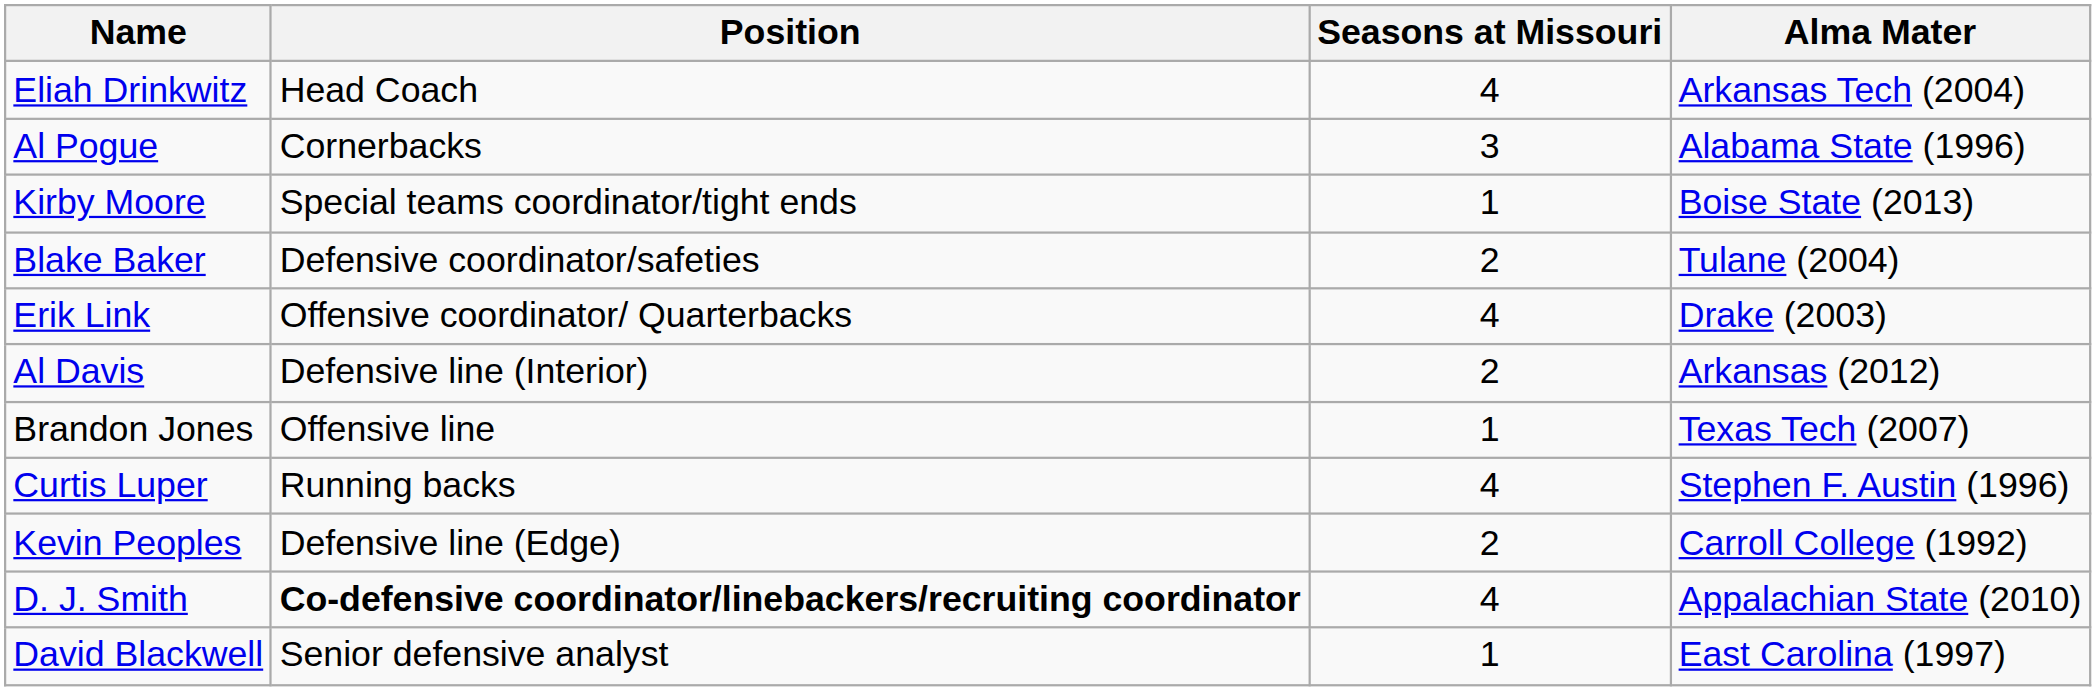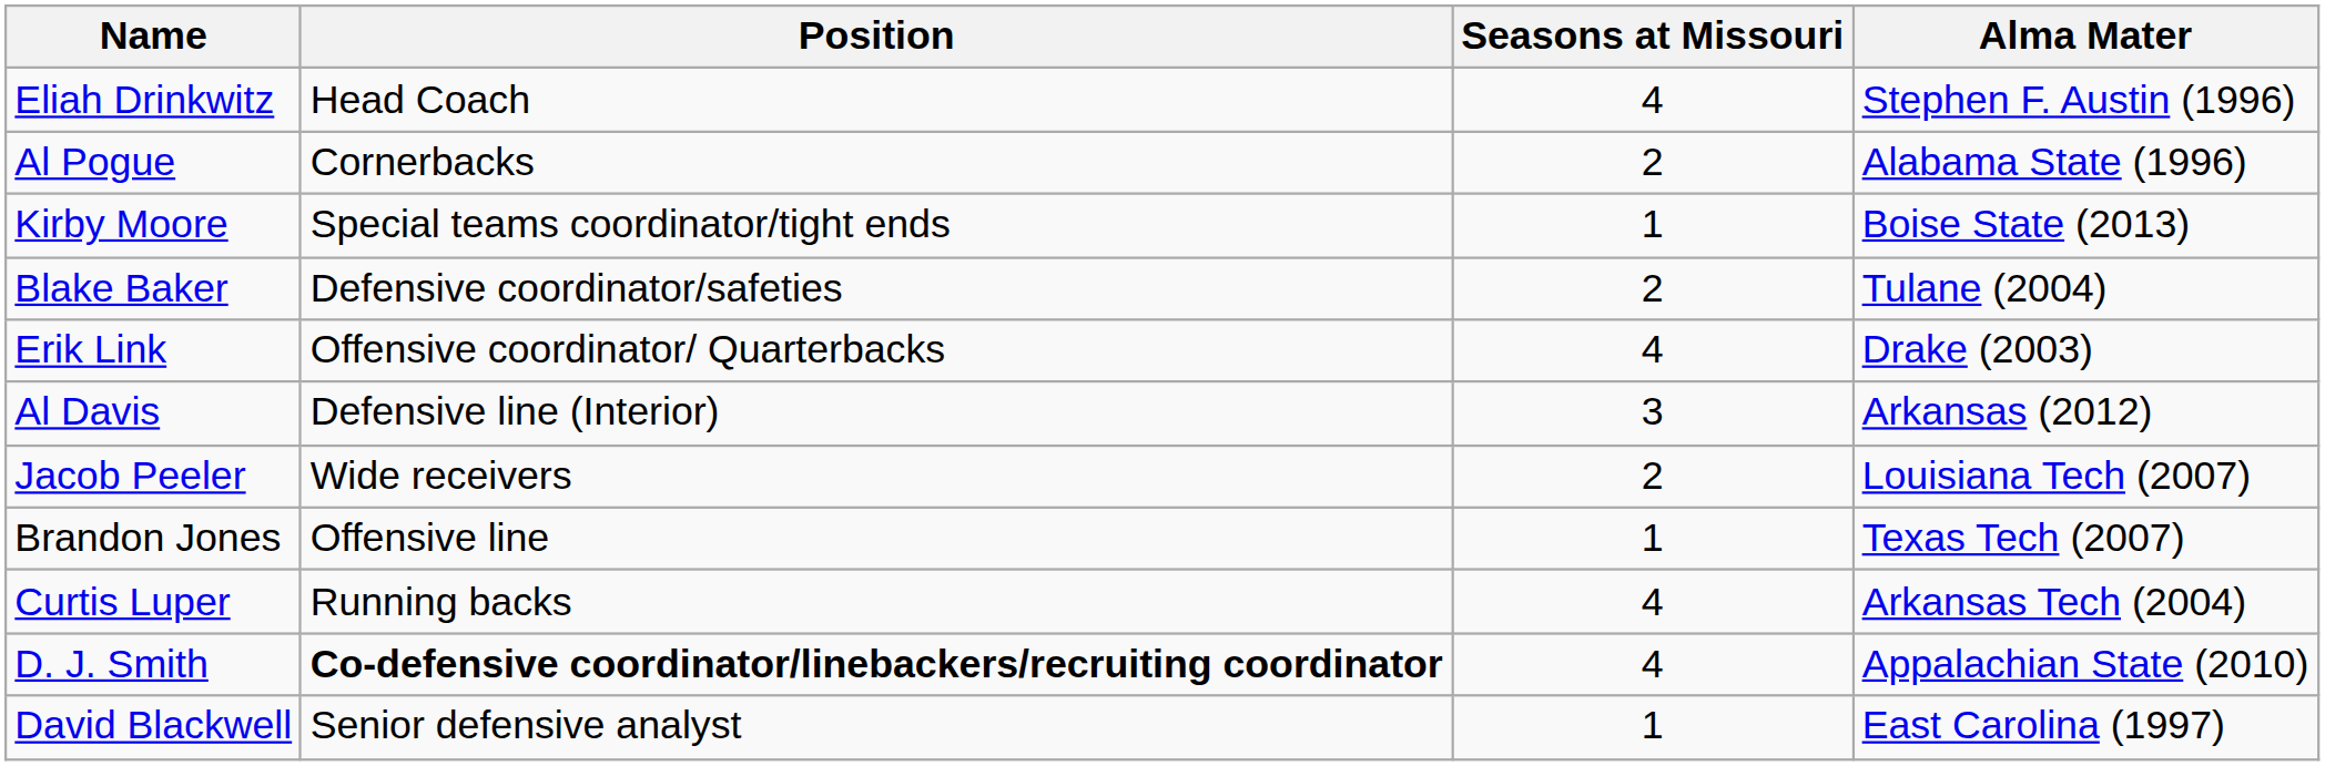 <table class="wikitable">
 <tr>
 <th>Name</th>
 <th>Position</th>
 <th>Seasons at Missouri</th>
 <th>Alma Mater</th>
 </tr>
 <tr>
 <td><a href='#'>Eliah Drinkwitz</a></td>
 <td>Head Coach</td>
 <td align=center>4</td>
-<td><a href='#'>Arkansas Tech</a> (2004)</td>
+<td><a href='#'>Stephen F. Austin</a> (1996)</td>
 </tr>
 <tr>
 <td><a href='#'>Al Pogue</a></td>
 <td>Cornerbacks</td>
-<td align=center>3</td>
+<td align=center>2</td>
 <td><a href='#'>Alabama State</a> (1996)</td>
 </tr>
 <tr>
 <td><a href='#'>Kirby Moore</a></td>
 <td>Special teams coordinator/tight ends</td>
 <td align=center>1</td>
 <td><a href='#'>Boise State</a> (2013)</td>
 </tr>
 <tr>
 <td><a href='#'>Blake Baker</a></td>
 <td>Defensive coordinator/safeties</td>
 <td align=center>2</td>
 <td><a href='#'>Tulane</a> (2004)</td>
 </tr>
 <tr>
 <td><a href='#'>Erik Link</a></td>
 <td>Offensive coordinator/ Quarterbacks</td>
 <td align=center>4</td>
 <td><a href='#'>Drake</a> (2003)</td>
 </tr>
 <tr>
 <td><a href='#'>Al Davis</a></td>
 <td>Defensive line (Interior)</td>
+<td align=center>3</td>
+<td><a href='#'>Arkansas</a> (2012)</td>
+</tr>
+<tr>
+<td><a href='#'>Jacob Peeler</a></td>
+<td>Wide receivers</td>
 <td align=center>2</td>
-<td><a href='#'>Arkansas</a> (2012)</td>
+<td><a href='#'>Louisiana Tech</a> (2007)</td>
 </tr>
 <tr>
 <td>Brandon Jones</td>
 <td>Offensive line</td>
 <td align=center>1</td>
 <td><a href='#'>Texas Tech</a> (2007)</td>
 </tr>
 <tr>
 <td><a href='#'>Curtis Luper</a></td>
 <td>Running backs</td>
 <td align=center>4</td>
-<td><a href='#'>Stephen F. Austin</a> (1996)</td>
-</tr>
-<tr>
-<td><a href='#'>Kevin Peoples</a></td>
-<td>Defensive line (Edge)</td>
-<td align=center>2</td>
-<td><a href='#'>Carroll College</a> (1992)</td>
+<td><a href='#'>Arkansas Tech</a> (2004)</td>
 </tr>
 <tr>
 <td><a href='#'>D. J. Smith</a></td>
 <td><strong>Co-defensive coordinator/linebackers/recruiting coordinator</strong></td>
 <td align=center>4</td>
 <td><a href='#'>Appalachian State</a> (2010)</td>
 </tr>
 <tr>
 <td><a href='#'>David Blackwell</a></td>
 <td>Senior defensive analyst</td>
 <td align=center>1</td>
 <td><a href='#'>East Carolina</a> (1997)</td>
 </tr>
 </table>
